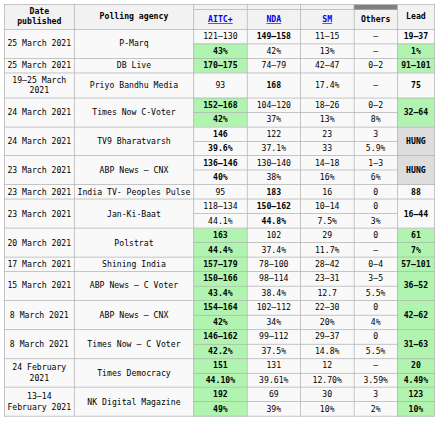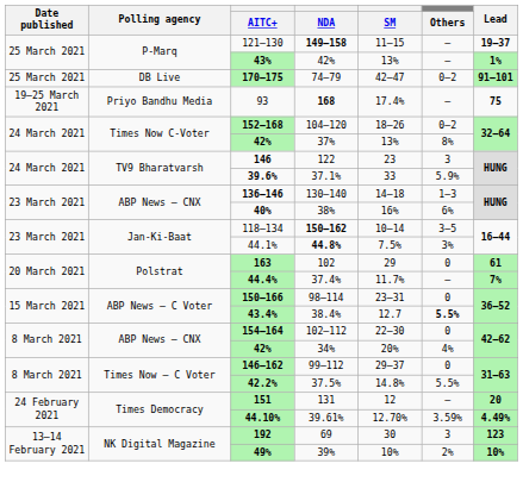 <table class="wikitable sortable" style="text-align:center;font-size:95%;line-height:16px">
 <tr>
 <th rowspan="2" width="100px">Date published</th>
 <th rowspan="2" width="175px">Polling agency</th>
 <th></th>
 <th></th>
 <th style="text-align:center; background:"></th>
 <th style="background:gray;"></th>
 <th rowspan="2" width="50px">Lead</th>
 </tr>
 <tr>
 <th style="width:75px;"><a href='#'>AITC+</a></th>
 <th style="width:75px;"><a href='#'>NDA</a></th>
 <th style="width:75px;"><a href='#'>SM</a></th>
 <th style="width:60px;">Others</th>
 </tr>
 <tr>
 <td rowspan="2">25 March 2021</td>
 <td rowspan="2">P-Marq</td>
 <td>121–130</td>
 <td><strong>149–158</strong></td>
 <td>11–15</td>
 <td>–</td>
 <td><strong>19–37</strong></td>
 </tr>
 <tr>
 <td style="background:#B0F4B0"><strong>43%</strong></td>
 <td>42%</td>
 <td>13%</td>
 <td>–</td>
 <td style="background:#B0F4B0"><strong>1%</strong></td>
 </tr>
 <tr>
 <td>25 March 2021</td>
 <td rowspan="1">DB Live</td>
 <td style="background:#B0F4B0"><strong>170–175</strong></td>
 <td>74–79</td>
 <td>42–47</td>
 <td>0–2</td>
 <td style="background:#B0F4B0"><strong>91–101</strong></td>
 </tr>
 <tr>
 <td>19–25 March 2021</td>
 <td rowspan="1">Priyo Bandhu Media</td>
 <td>93</td>
 <td><strong>168</strong></td>
 <td>17.4%</td>
 <td>–</td>
 <td><strong>75</strong></td>
 </tr>
 <tr>
 <td rowspan="2">24 March 2021</td>
 <td rowspan="2">Times Now C-Voter </td>
 <td style="background:#B0F4B0"><strong>152–168</strong></td>
 <td>104–120</td>
 <td>18–26</td>
 <td>0–2</td>
 <td rowspan="2" style="background:#B0F4B0"><strong>32–64</strong></td>
 </tr>
 <tr>
 <td style="background:#B0F4B0"><strong>42%</strong></td>
 <td>37%</td>
 <td>13%</td>
 <td>8%</td>
 </tr>
 <tr>
 <td rowspan="2">24 March 2021</td>
 <td rowspan="2">TV9 Bharatvarsh </td>
 <td><strong>146</strong></td>
 <td>122</td>
 <td>23</td>
 <td>3</td>
 <td rowspan="2" style="background:#DDDDDD"><strong>HUNG</strong></td>
 </tr>
 <tr>
 <td><strong>39.6%</strong></td>
 <td>37.1%</td>
 <td>33</td>
 <td>5.9%</td>
 </tr>
 <tr>
 <td rowspan="2">23 March 2021</td>
 <td rowspan="2">ABP News – CNX</td>
 <td><strong>136–146</strong></td>
 <td>130–140</td>
 <td>14–18</td>
 <td>1–3</td>
 <td rowspan="2" style="background:#DDDDDD"><strong>HUNG</strong></td>
 </tr>
 <tr>
 <td><strong>40%</strong></td>
 <td>38%</td>
 <td>16%</td>
 <td>6%</td>
 </tr>
 <tr>
-<td>23 March 2021</td>
-<td rowspan="1">India TV- Peoples Pulse</td>
-<td>95</td>
-<td><strong>183</strong></td>
-<td>16</td>
-<td>0</td>
-<td><strong>88</strong></td>
-</tr>
-<tr>
 <td rowspan="2">23 March 2021</td>
 <td rowspan="2">Jan-Ki-Baat</td>
 <td>118–134</td>
 <td><strong>150–162</strong></td>
 <td>10–14</td>
-<td>0</td>
+<td>3–5</td>
 <td rowspan="2" ><strong>16–44</strong></td>
 </tr>
 <tr>
 <td>44.1%</td>
 <td><strong>44.8%</strong></td>
 <td>7.5%</td>
 <td>3%</td>
 </tr>
 <tr>
 <td rowspan="2">20 March 2021</td>
 <td rowspan="2">Polstrat</td>
 <td style="background:#B0F4B0"><strong>163</strong></td>
 <td>102</td>
 <td>29</td>
 <td>0</td>
 <td style="background:#B0F4B0"><strong>61</strong></td>
 </tr>
 <tr>
 <td style="background:#B0F4B0"><strong>44.4%</strong></td>
 <td>37.4%</td>
 <td>11.7%</td>
 <td>–</td>
 <td style="background:#B0F4B0"><strong>7%</strong></td>
 </tr>
 <tr>
-<td>17 March 2021</td>
-<td rowspan="1">Shining India</td>
-<td style="background:#B0F4B0"><strong>157–179</strong></td>
-<td>78–100</td>
-<td>28–42</td>
-<td>0–4</td>
-<td style="background:#B0F4B0"><strong>57–101</strong></td>
-</tr>
-<tr>
 <td rowspan="2">15 March 2021</td>
 <td rowspan="2">ABP News – C Voter</td>
 <td style="background:#B0F4B0"><strong>150–166</strong></td>
 <td>98–114</td>
 <td>23–31</td>
-<td>3–5</td>
+<td>0</td>
 <td rowspan="2" style="background:#B0F4B0"><strong>36–52</strong></td>
 </tr>
 <tr>
 <td style="background:#B0F4B0"><strong>43.4%</strong></td>
 <td>38.4%</td>
 <td>12.7</td>
-<td>5.5%</td>
+<td><strong>5.5%</strong></td>
 </tr>
 <tr>
 <td rowspan="2">8 March 2021</td>
 <td rowspan="2">ABP News – CNX</td>
 <td style="background:#B0F4B0"><strong>154–164</strong></td>
 <td>102–112</td>
 <td>22–30</td>
 <td>0</td>
 <td rowspan="2" style="background:#B0F4B0"><strong>42–62</strong></td>
 </tr>
 <tr>
 <td style="background:#B0F4B0"><strong>42%</strong></td>
 <td>34%</td>
 <td>20%</td>
 <td>4%</td>
 </tr>
 <tr>
 <td rowspan="2">8 March 2021</td>
 <td rowspan="2">Times Now – C Voter</td>
 <td style="background:#B0F4B0"><strong>146–162</strong></td>
 <td>99–112</td>
 <td>29–37</td>
 <td>0</td>
 <td rowspan="2" style="background:#B0F4B0"><strong>31–63</strong></td>
 </tr>
 <tr>
 <td style="background:#B0F4B0"><strong>42.2%</strong></td>
 <td>37.5%</td>
 <td>14.8%</td>
 <td>5.5%</td>
 </tr>
 <tr>
 <td rowspan="2">24 February 2021</td>
 <td rowspan="2">Times Democracy</td>
 <td style="background:#B0F4B0"><strong>151</strong></td>
 <td>131</td>
 <td>12</td>
 <td>–</td>
 <td style="background:#B0F4B0"><strong>20</strong></td>
 </tr>
 <tr>
 <td style="background:#B0F4B0"><strong>44.10%</strong></td>
 <td>39.61%</td>
 <td>12.70%</td>
 <td>3.59%</td>
 <td style="background:#B0F4B0"><strong>4.49%</strong></td>
 </tr>
 <tr>
 <td rowspan="2">13–14 February 2021</td>
 <td rowspan="2">NK Digital Magazine</td>
 <td style="background:#B0F4B0"><strong>192</strong></td>
 <td>69</td>
 <td>30</td>
 <td>3</td>
 <td style="background:#B0F4B0"><strong>123</strong></td>
 </tr>
 <tr>
 <td style="background:#B0F4B0"><strong>49%</strong></td>
 <td>39%</td>
 <td>10%</td>
 <td>2%</td>
 <td style="background:#B0F4B0"><strong>10%</strong></td>
 </tr>
 </table>
